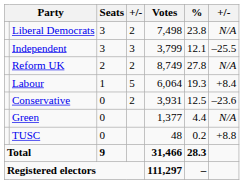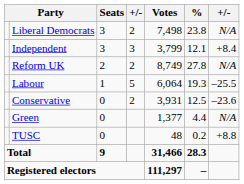 <table class="wikitable sortable">
 <tr>
 <th colspan="2">Party</th>
 <th>Seats</th>
 <th>+/-</th>
 <th>Votes</th>
 <th>%</th>
 <th>+/-</th>
 </tr>
 <tr>
 <td style="background-color: "></td>
 <td><a href='#'>Liberal Democrats</a></td>
 <td>3</td>
 <td> 2</td>
 <td style="text-align:right;">7,498</td>
 <td style="text-align:right;">23.8</td>
 <td style="text-align:right;"><em>N/A</em></td>
 </tr>
 <tr>
 <td style="background-color: "></td>
 <td><a href='#'>Independent</a></td>
 <td>3</td>
 <td> 3</td>
 <td style="text-align:right;">3,799</td>
 <td style="text-align:right;">12.1</td>
-<td style="text-align:right;">–25.5</td>
+<td style="text-align:right;">+8.4</td>
 </tr>
 <tr>
 <td style="background-color: "></td>
 <td><a href='#'>Reform UK</a></td>
 <td>2</td>
 <td> 2</td>
 <td style="text-align:right;">8,749</td>
 <td style="text-align:right;">27.8</td>
 <td style="text-align:right;"><em>N/A</em></td>
 </tr>
 <tr>
 <td style="background-color: "></td>
 <td><a href='#'>Labour</a></td>
 <td>1</td>
 <td> 5</td>
 <td style="text-align:right;">6,064</td>
 <td style="text-align:right;">19.3</td>
-<td style="text-align:right;">+8.4</td>
+<td style="text-align:right;">–25.5</td>
 </tr>
 <tr>
 <td style="background-color: "></td>
 <td><a href='#'>Conservative</a></td>
 <td>0</td>
 <td> 2</td>
 <td style="text-align:right;">3,931</td>
 <td style="text-align:right;">12.5</td>
 <td style="text-align:right;">–23.6</td>
 </tr>
 <tr>
 <td style="background-color: "></td>
 <td><a href='#'>Green</a></td>
 <td>0</td>
 <td></td>
 <td style="text-align:right;">1,377</td>
 <td style="text-align:right;">4.4</td>
 <td style="text-align:right;"><em>N/A</em></td>
 </tr>
 <tr>
 <td style="background-color: "></td>
 <td><a href='#'>TUSC</a></td>
 <td>0</td>
 <td></td>
 <td style="text-align:right;">48</td>
 <td style="text-align:right;">0.2</td>
 <td style="text-align:right;">+8.8</td>
 </tr>
 <tr>
 <td colspan="2"><strong>Total</strong></td>
 <td><strong>9</strong></td>
 <td></td>
 <td style="text-align:right;"><strong>31,466</strong></td>
 <td style="text-align:right;"><strong>28.3</strong></td>
 <td style="text-align:right;"></td>
 </tr>
 <tr>
 <td colspan="4"><strong>Registered electors</strong></td>
 <td style="text-align:right;"><strong>111,297</strong></td>
 <td style="text-align:right;"><strong>–</strong></td>
 <td style="text-align:right;"></td>
 </tr>
 </table>
